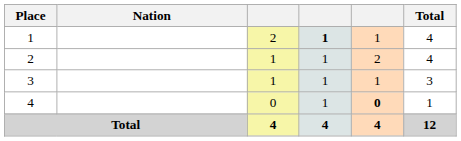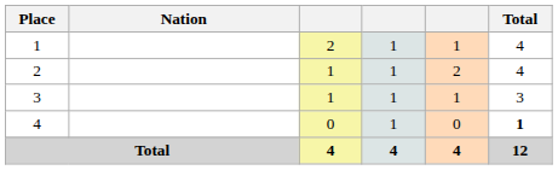 <table class=wikitable style="border:1px solid #AAAAAA;font-size:90%">
 <tr bgcolor="#EFEFEF">
 <th width=50>Place</th>
 <th width=200>Nation</th>
 <th width=50></th>
 <th width=50></th>
 <th width=50></th>
 <th width=50>Total</th>
 </tr>
 <tr align="center" valign="top" bgcolor="#FFFFFF">
 <td>1</td>
 <td align="left"></td>
 <td style="background:#F7F6A8;">2</td>
-<td style="background:#DCE5E5;"><strong>1</strong></td>
+<td style="background:#DCE5E5;">1</td>
 <td style="background:#FFDAB9;">1</td>
 <td>4</td>
 </tr>
 <tr align="center" valign="top" bgcolor="#FFFFFF">
 <td>2</td>
 <td align="left"></td>
 <td style="background:#F7F6A8;">1</td>
 <td style="background:#DCE5E5;">1</td>
 <td style="background:#FFDAB9;">2</td>
 <td>4</td>
 </tr>
 <tr align="center" valign="top" bgcolor="#FFFFFF">
 <td>3</td>
 <td align="left"></td>
 <td style="background:#F7F6A8;">1</td>
 <td style="background:#DCE5E5;">1</td>
 <td style="background:#FFDAB9;">1</td>
 <td>3</td>
 </tr>
 <tr align="center" valign="top" bgcolor="#FFFFFF">
 <td>4</td>
 <td align="left"></td>
 <td style="background:#F7F6A8;">0</td>
 <td style="background:#DCE5E5;">1</td>
-<td style="background:#FFDAB9;"><strong>0</strong></td>
-<td>1</td>
+<td style="background:#FFDAB9;">0</td>
+<td><strong>1</strong></td>
 </tr>
 <tr align="center">
 <td colspan="2" bgcolor=D3D3D3><strong>Total</strong></td>
 <td style="background:#F7F6A8;"><strong>4</strong></td>
 <td style="background:#DCE5E5;"><strong>4</strong></td>
 <td style="background:#FFDAB9;"><strong>4</strong></td>
 <td bgcolor=D3D3D3><strong>12</strong></td>
 </tr>
 </table>
